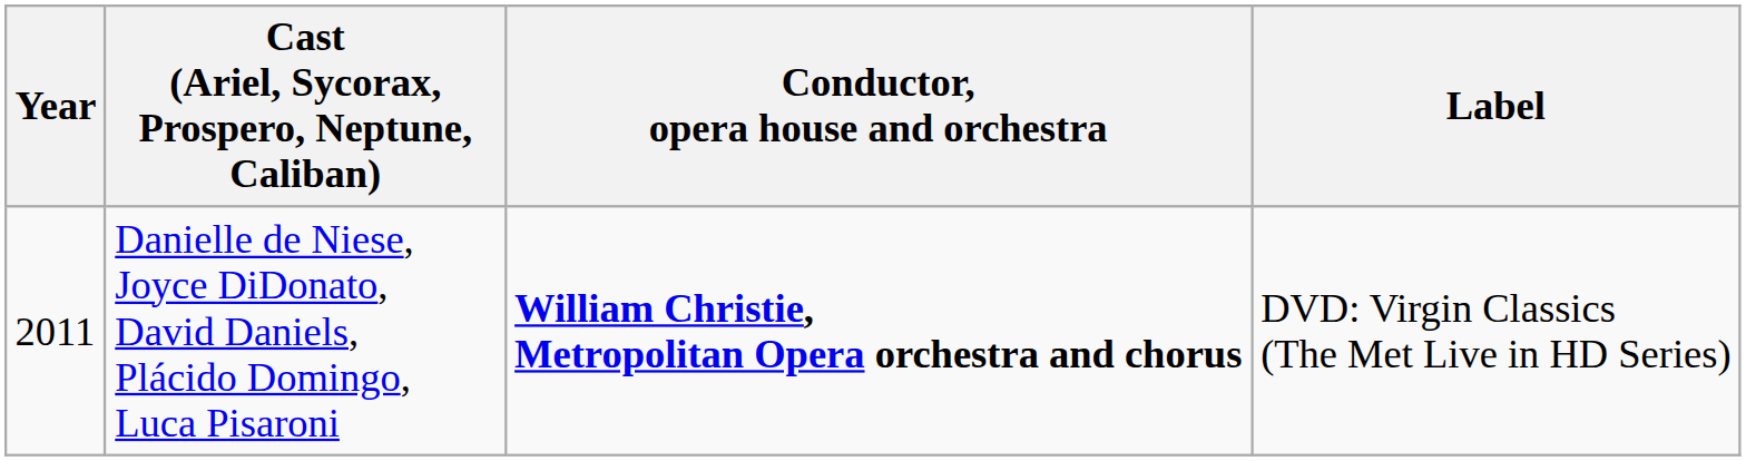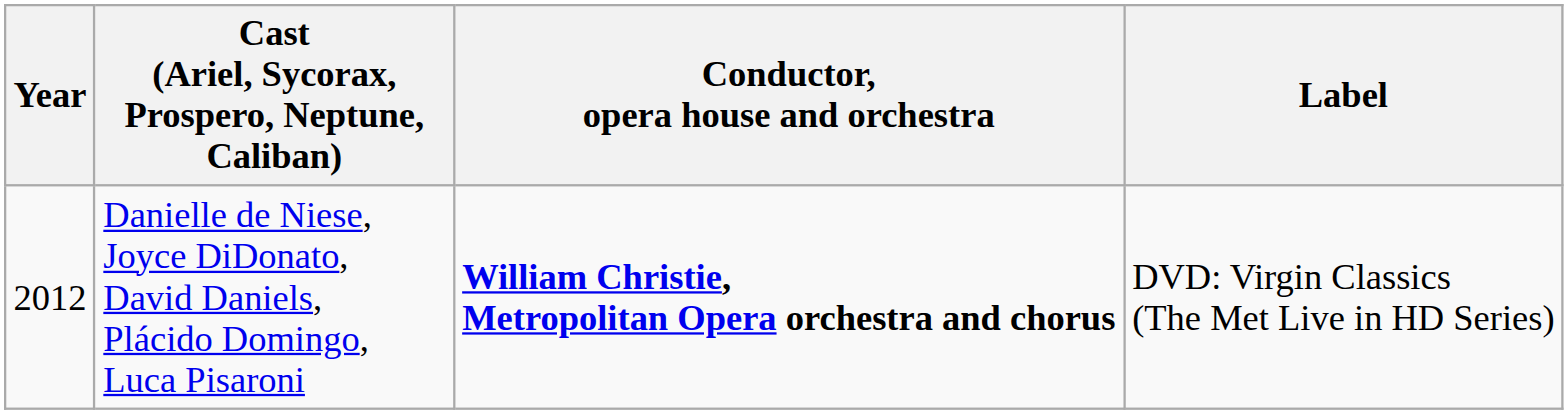 <table class="wikitable">
 <tr>
 <th>Year</th>
 <th style="width:150px;">Cast <br>(Ariel, Sycorax, Prospero, Neptune, Caliban)</th>
 <th>Conductor,<br>opera house and orchestra</th>
 <th>Label</th>
 </tr>
 <tr>
-<td>2011</td>
+<td>2012</td>
 <td><a href='#'>Danielle de Niese</a>,<br><a href='#'>Joyce DiDonato</a>,<br><a href='#'>David Daniels</a>,<br><a href='#'>Plácido Domingo</a>,<br><a href='#'>Luca Pisaroni</a></td>
 <td><strong><a href='#'>William Christie</a>,<br> <a href='#'>Metropolitan Opera</a> orchestra and chorus</strong></td>
 <td>DVD: Virgin Classics<br> (The Met Live in HD Series)</td>
 </tr>
 </table>
